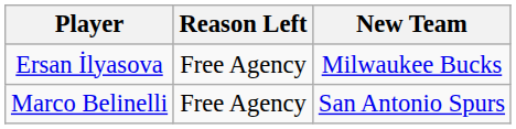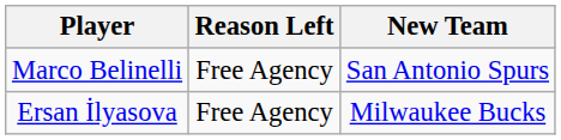 <table class="wikitable sortable sortable" style="text-align:center;">
 <tr>
 <th>Player</th>
 <th>Reason Left</th>
 <th>New Team</th>
 </tr>
 <tr>
+<td><a href='#'>Marco Belinelli</a></td>
+<td>Free Agency</td>
+<td><a href='#'>San Antonio Spurs</a></td>
+</tr>
+<tr>
 <td><a href='#'>Ersan İlyasova</a></td>
 <td>Free  Agency</td>
 <td><a href='#'>Milwaukee Bucks</a></td>
 </tr>
-<tr>
-<td><a href='#'>Marco Belinelli</a></td>
-<td>Free Agency</td>
-<td><a href='#'>San Antonio Spurs</a></td>
-</tr>
 </table>
